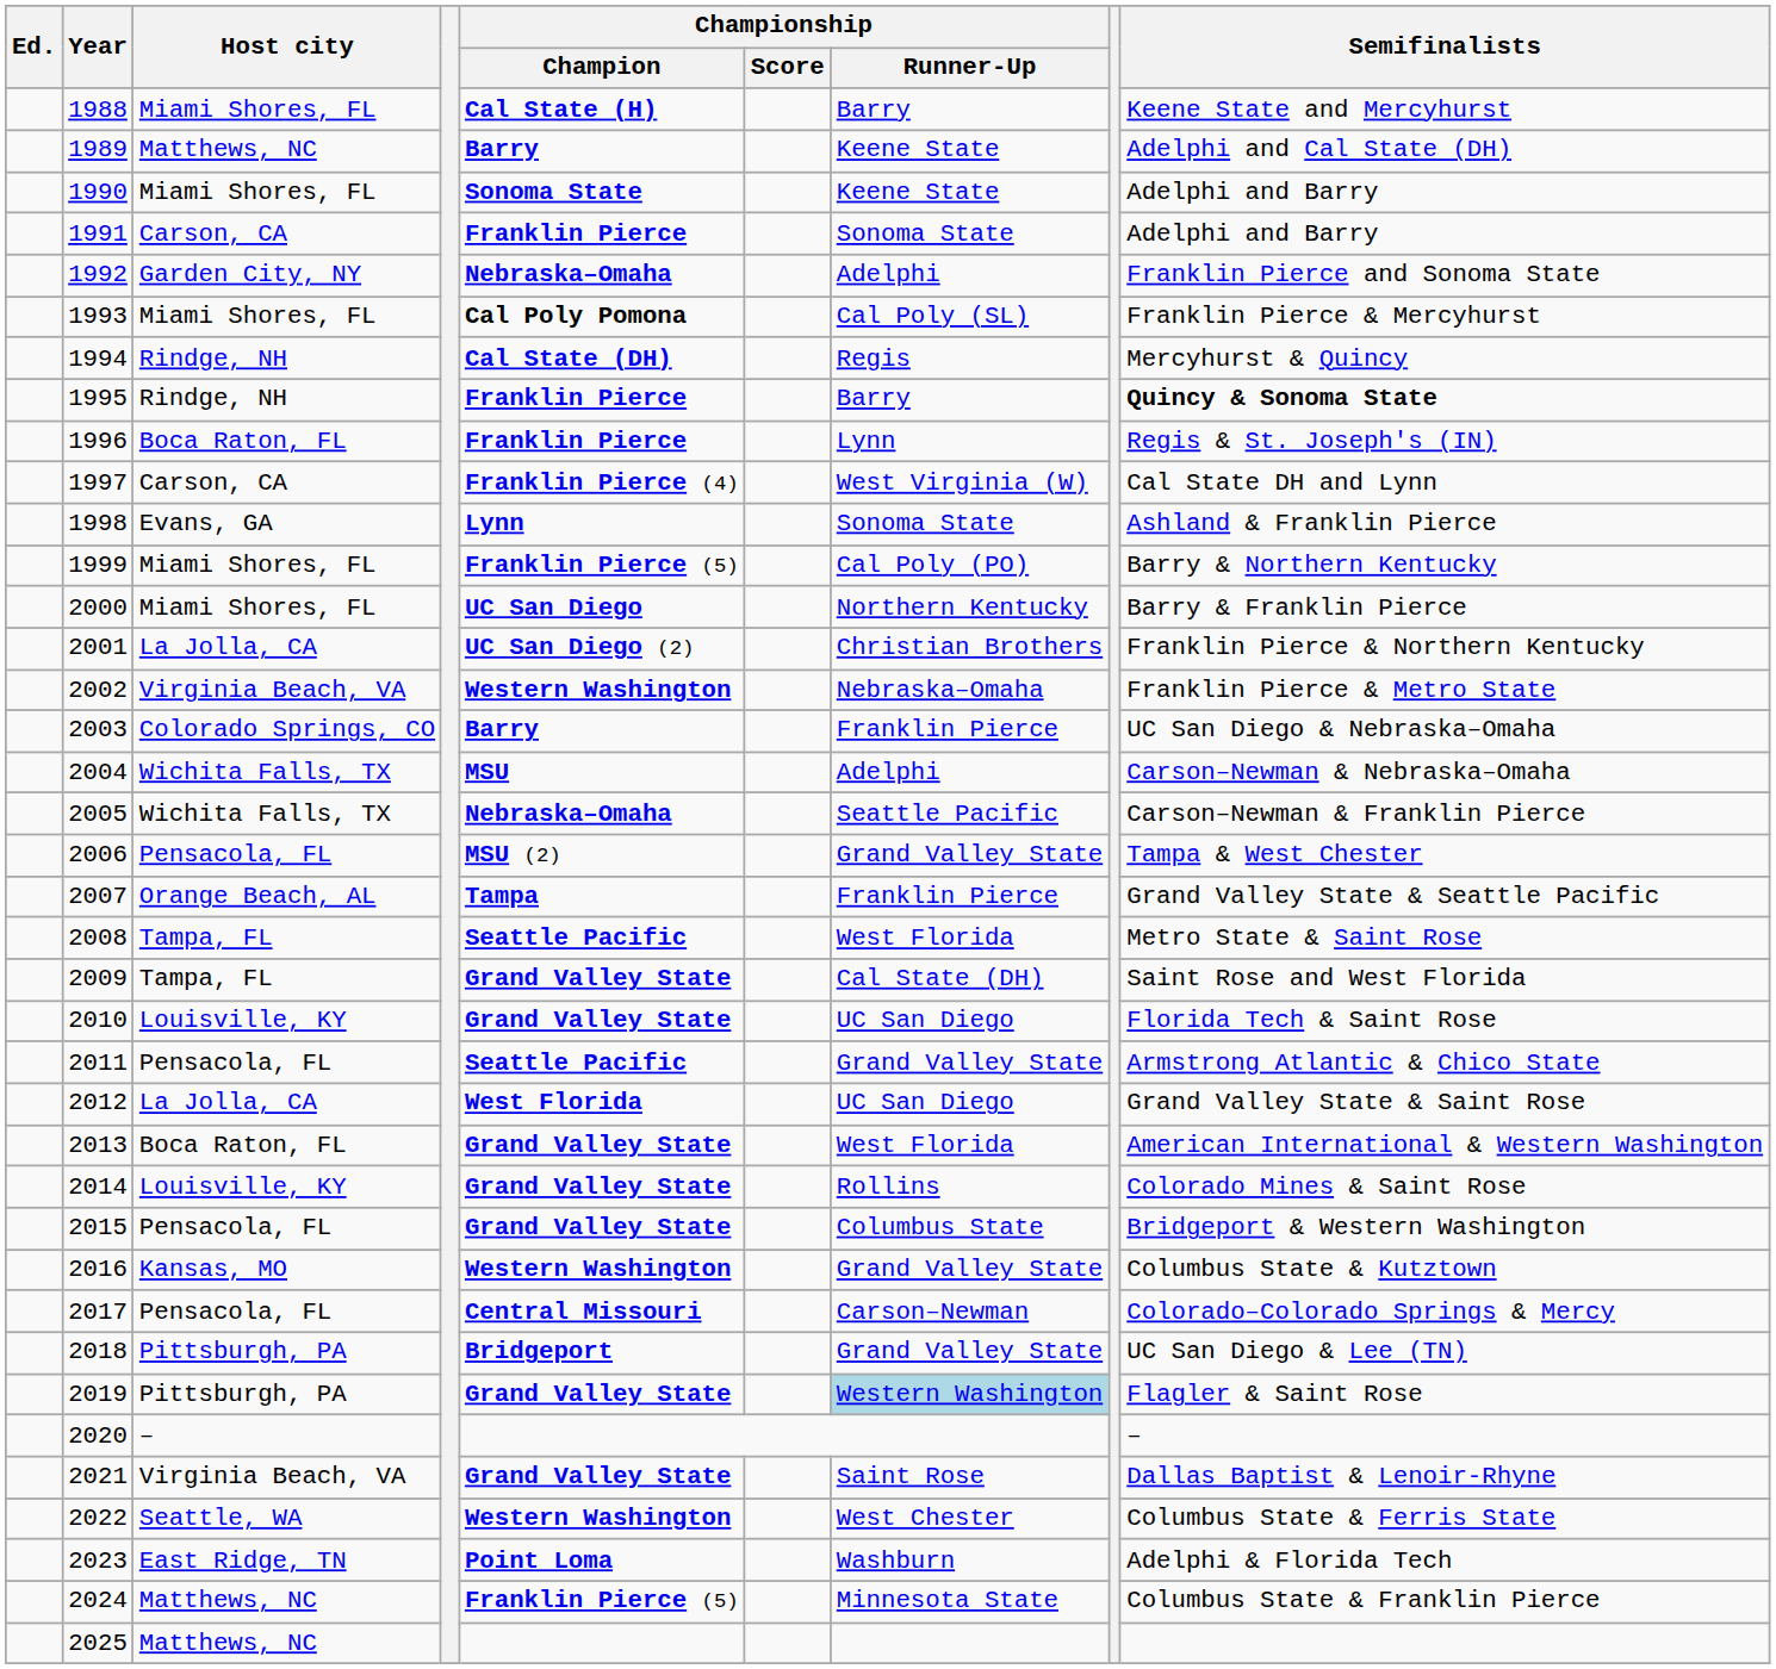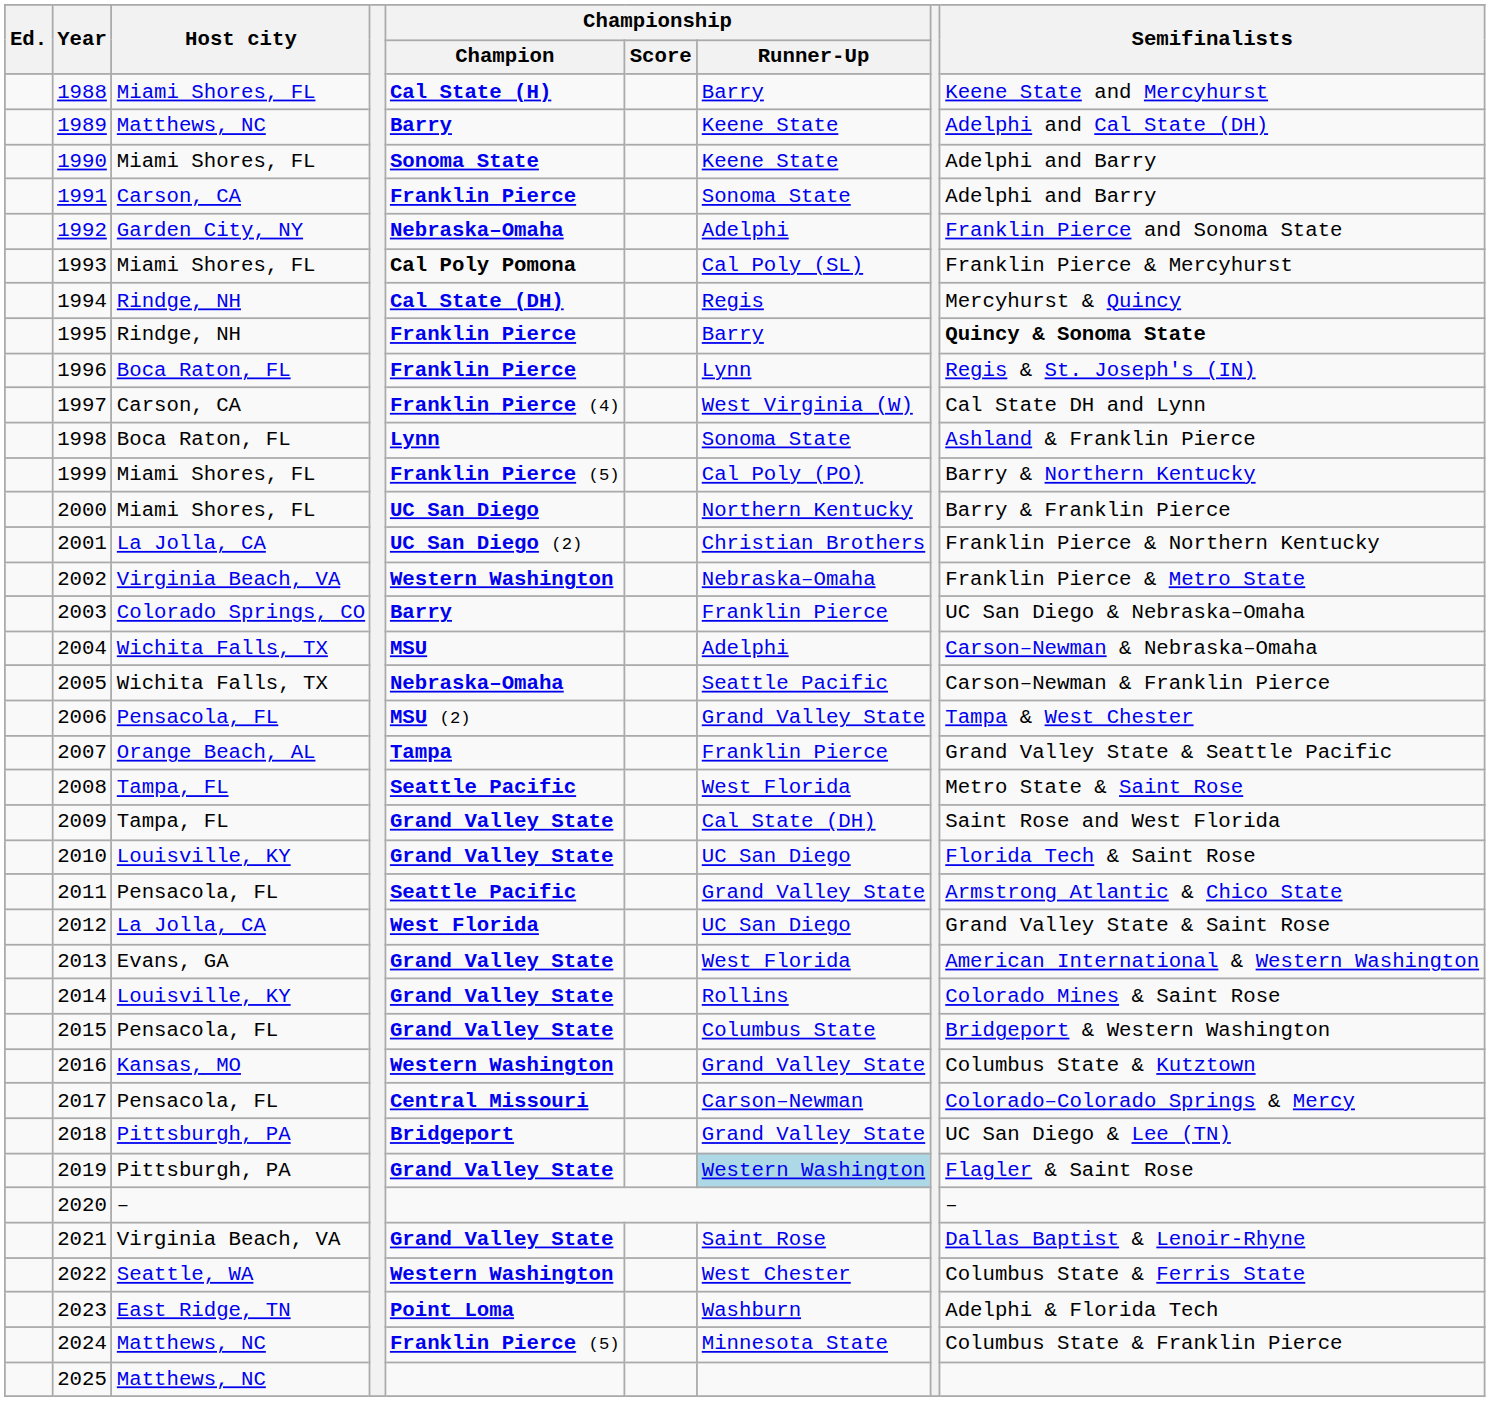 <table class="wikitable" style="text-align:; font-size:90%">
 <tr>
 <th rowspan="2">Ed.</th>
 <th rowspan="2">Year</th>
 <th rowspan="2">Host city</th>
 <th rowspan="58" style= "width:1%"></th>
 <th colspan=3>Championship</th>
 <th rowspan="58"></th>
 <th rowspan="2">Semifinalists</th>
 </tr>
 <tr>
 <th>Champion</th>
 <th>Score</th>
 <th>Runner-Up</th>
 </tr>
 <tr>
 <td></td>
 <td><a href='#'>1988</a></td>
 <td><a href='#'>Miami Shores, FL</a></td>
 <td><strong><a href='#'>Cal State (H)</a></strong> </td>
 <td></td>
 <td><a href='#'>Barry</a></td>
 <td colspan=3><a href='#'>Keene State</a> and <a href='#'>Mercyhurst</a></td>
 </tr>
 <tr>
 <td></td>
 <td><a href='#'>1989</a></td>
 <td><a href='#'>Matthews, NC</a></td>
 <td><strong><a href='#'>Barry</a></strong> </td>
 <td></td>
 <td><a href='#'>Keene State</a></td>
 <td><a href='#'>Adelphi</a> and <a href='#'>Cal State (DH)</a></td>
 </tr>
 <tr>
 <td></td>
 <td><a href='#'>1990</a></td>
 <td>Miami Shores, FL</td>
 <td><strong><a href='#'>Sonoma State</a></strong> </td>
 <td></td>
 <td><a href='#'>Keene State</a></td>
 <td>Adelphi and Barry</td>
 </tr>
 <tr>
 <td></td>
 <td><a href='#'>1991</a></td>
 <td><a href='#'>Carson, CA</a></td>
 <td><strong><a href='#'>Franklin Pierce</a></strong> </td>
 <td></td>
 <td><a href='#'>Sonoma State</a></td>
 <td>Adelphi and Barry</td>
 </tr>
 <tr>
 <td></td>
 <td><a href='#'>1992</a></td>
 <td><a href='#'>Garden City, NY</a></td>
 <td><strong><a href='#'>Nebraska–Omaha</a></strong> </td>
 <td></td>
 <td><a href='#'>Adelphi</a></td>
 <td><a href='#'>Franklin Pierce</a> and Sonoma State</td>
 </tr>
 <tr>
 <td></td>
 <td>1993</td>
 <td>Miami Shores, FL</td>
 <td><strong>Cal Poly Pomona</strong> </td>
 <td></td>
 <td><a href='#'>Cal Poly (SL)</a></td>
 <td>Franklin Pierce & Mercyhurst</td>
 </tr>
 <tr>
 <td></td>
 <td>1994</td>
 <td><a href='#'>Rindge, NH</a></td>
 <td><strong><a href='#'>Cal State (DH)</a></strong> </td>
 <td></td>
 <td><a href='#'>Regis</a></td>
 <td>Mercyhurst & <a href='#'>Quincy</a></td>
 </tr>
 <tr>
 <td></td>
 <td>1995</td>
 <td>Rindge, NH</td>
 <td><strong><a href='#'>Franklin Pierce</a></strong> </td>
 <td></td>
 <td><a href='#'>Barry</a></td>
 <td><strong>Quincy & Sonoma State</strong></td>
 </tr>
 <tr>
 <td></td>
 <td>1996</td>
 <td><a href='#'>Boca Raton, FL</a></td>
 <td><strong><a href='#'>Franklin Pierce</a></strong> </td>
 <td></td>
 <td><a href='#'>Lynn</a></td>
 <td><a href='#'>Regis</a> & <a href='#'>St. Joseph's (IN)</a></td>
 </tr>
 <tr>
 <td></td>
 <td>1997</td>
 <td>Carson, CA</td>
 <td><strong><a href='#'>Franklin Pierce</a></strong> <small>(4)</small></td>
 <td></td>
 <td><a href='#'>West Virginia (W)</a></td>
 <td>Cal State DH and Lynn</td>
 </tr>
 <tr>
 <td></td>
 <td>1998</td>
-<td>Evans, GA</td>
+<td>Boca Raton, FL</td>
 <td><strong><a href='#'>Lynn</a></strong></td>
 <td></td>
 <td><a href='#'>Sonoma State</a></td>
 <td><a href='#'>Ashland</a> & Franklin Pierce</td>
 </tr>
 <tr>
 <td></td>
 <td>1999</td>
 <td>Miami Shores, FL</td>
 <td><strong><a href='#'>Franklin Pierce</a></strong> <small>(5)</small></td>
 <td></td>
 <td><a href='#'>Cal Poly (PO)</a></td>
 <td>Barry & <a href='#'>Northern Kentucky</a></td>
 </tr>
 <tr>
 <td></td>
 <td>2000</td>
 <td>Miami Shores, FL</td>
 <td><strong><a href='#'>UC San Diego</a></strong> </td>
 <td></td>
 <td><a href='#'>Northern Kentucky</a></td>
 <td>Barry & Franklin Pierce</td>
 </tr>
 <tr>
 <td></td>
 <td>2001</td>
 <td><a href='#'>La Jolla, CA</a></td>
 <td><strong><a href='#'>UC San Diego</a></strong> <small>(2)</small></td>
 <td></td>
 <td><a href='#'>Christian Brothers</a></td>
 <td>Franklin Pierce & Northern Kentucky</td>
 </tr>
 <tr>
 <td></td>
 <td>2002</td>
 <td><a href='#'>Virginia Beach, VA</a></td>
 <td><strong><a href='#'>Western Washington</a></strong> </td>
 <td></td>
 <td><a href='#'>Nebraska–Omaha</a></td>
 <td>Franklin Pierce & <a href='#'>Metro State</a></td>
 </tr>
 <tr>
 <td></td>
 <td>2003</td>
 <td><a href='#'>Colorado Springs, CO</a></td>
 <td><strong><a href='#'>Barry</a></strong> </td>
 <td></td>
 <td><a href='#'>Franklin Pierce</a></td>
 <td>UC San Diego & Nebraska–Omaha</td>
 </tr>
 <tr>
 <td></td>
 <td>2004</td>
 <td><a href='#'>Wichita Falls, TX</a></td>
 <td><strong><a href='#'>MSU</a></strong> </td>
 <td></td>
 <td><a href='#'>Adelphi</a></td>
 <td><a href='#'>Carson–Newman</a> & Nebraska–Omaha</td>
 </tr>
 <tr>
 <td></td>
 <td>2005</td>
 <td>Wichita Falls, TX</td>
 <td><strong><a href='#'>Nebraska–Omaha</a></strong> </td>
 <td></td>
 <td><a href='#'>Seattle Pacific</a></td>
 <td>Carson–Newman & Franklin Pierce</td>
 </tr>
 <tr>
 <td></td>
 <td>2006</td>
 <td><a href='#'>Pensacola, FL</a></td>
 <td><strong><a href='#'>MSU</a></strong> <small>(2)</small></td>
 <td></td>
 <td><a href='#'>Grand Valley State</a></td>
 <td><a href='#'>Tampa</a> & <a href='#'>West Chester</a></td>
 </tr>
 <tr>
 <td></td>
 <td>2007</td>
 <td><a href='#'>Orange Beach, AL</a></td>
 <td><strong><a href='#'>Tampa</a></strong></td>
 <td></td>
 <td><a href='#'>Franklin Pierce</a></td>
 <td>Grand Valley State & Seattle Pacific</td>
 </tr>
 <tr>
 <td></td>
 <td>2008</td>
 <td><a href='#'>Tampa, FL</a></td>
 <td><strong><a href='#'>Seattle Pacific</a></strong> </td>
 <td></td>
 <td><a href='#'>West Florida</a></td>
 <td>Metro State & <a href='#'>Saint Rose</a></td>
 </tr>
 <tr>
 <td></td>
 <td>2009</td>
 <td>Tampa, FL</td>
 <td><strong><a href='#'>Grand Valley State</a></strong> </td>
 <td></td>
 <td><a href='#'>Cal State (DH)</a></td>
 <td>Saint Rose and West Florida</td>
 </tr>
 <tr>
 <td></td>
 <td>2010</td>
 <td><a href='#'>Louisville, KY</a></td>
 <td><strong><a href='#'>Grand Valley State</a></strong> </td>
 <td></td>
 <td><a href='#'>UC San Diego</a></td>
 <td><a href='#'>Florida Tech</a> & Saint Rose</td>
 </tr>
 <tr>
 <td></td>
 <td>2011</td>
 <td>Pensacola, FL</td>
 <td><strong><a href='#'>Seattle Pacific</a></strong> </td>
 <td></td>
 <td><a href='#'>Grand Valley State</a></td>
 <td><a href='#'>Armstrong Atlantic</a> & <a href='#'>Chico State</a></td>
 </tr>
 <tr>
 <td></td>
 <td>2012</td>
 <td><a href='#'>La Jolla, CA</a></td>
 <td><strong><a href='#'>West Florida</a></strong> </td>
 <td></td>
 <td><a href='#'>UC San Diego</a></td>
 <td>Grand Valley State & Saint Rose</td>
 </tr>
 <tr>
 <td></td>
 <td>2013</td>
-<td>Boca Raton, FL</td>
+<td>Evans, GA</td>
 <td><strong><a href='#'>Grand Valley State</a></strong> </td>
 <td></td>
 <td><a href='#'>West Florida</a></td>
 <td><a href='#'>American International</a> & <a href='#'>Western Washington</a></td>
 </tr>
 <tr>
 <td></td>
 <td>2014</td>
 <td><a href='#'>Louisville, KY</a></td>
 <td><strong><a href='#'>Grand Valley State</a></strong> </td>
 <td></td>
 <td><a href='#'>Rollins</a></td>
 <td><a href='#'>Colorado Mines</a> & Saint Rose</td>
 </tr>
 <tr>
 <td></td>
 <td>2015</td>
 <td>Pensacola, FL</td>
 <td><strong><a href='#'>Grand Valley State</a></strong> </td>
 <td></td>
 <td><a href='#'>Columbus State</a></td>
 <td><a href='#'>Bridgeport</a> & Western Washington</td>
 </tr>
 <tr>
 <td></td>
 <td>2016</td>
 <td><a href='#'>Kansas, MO</a></td>
 <td><strong><a href='#'>Western Washington</a></strong> </td>
 <td></td>
 <td><a href='#'>Grand Valley State</a></td>
 <td>Columbus State & <a href='#'>Kutztown</a></td>
 </tr>
 <tr>
 <td></td>
 <td>2017</td>
 <td>Pensacola, FL</td>
 <td><strong><a href='#'>Central Missouri</a></strong> </td>
 <td></td>
 <td><a href='#'>Carson–Newman</a></td>
 <td><a href='#'>Colorado–Colorado Springs</a> & <a href='#'>Mercy</a></td>
 </tr>
 <tr>
 <td></td>
 <td>2018</td>
 <td><a href='#'>Pittsburgh, PA</a></td>
 <td><strong><a href='#'>Bridgeport</a></strong> </td>
 <td></td>
 <td><a href='#'>Grand Valley State</a></td>
 <td>UC San Diego & <a href='#'>Lee (TN)</a></td>
 </tr>
 <tr>
 <td></td>
 <td>2019</td>
 <td>Pittsburgh, PA</td>
 <td><strong><a href='#'>Grand Valley State</a></strong> </td>
 <td></td>
 <td style="background: lightblue;"><a href='#'>Western Washington</a></td>
 <td><a href='#'>Flagler</a> & Saint Rose</td>
 </tr>
 <tr>
 <td></td>
 <td>2020</td>
 <td>–</td>
 <td colspan=3></td>
 <td colspan=3>–</td>
 </tr>
 <tr>
 <td></td>
 <td>2021</td>
 <td>Virginia Beach, VA</td>
 <td><strong><a href='#'>Grand Valley State</a></strong> </td>
 <td></td>
 <td><a href='#'>Saint Rose</a></td>
 <td><a href='#'>Dallas Baptist</a> & <a href='#'>Lenoir-Rhyne</a></td>
 </tr>
 <tr>
 <td></td>
 <td>2022</td>
 <td><a href='#'>Seattle, WA</a></td>
 <td><strong><a href='#'>Western Washington</a></strong> </td>
 <td></td>
 <td><a href='#'>West Chester</a></td>
 <td>Columbus State & <a href='#'>Ferris State</a></td>
 </tr>
 <tr>
 <td></td>
 <td>2023</td>
 <td><a href='#'>East Ridge, TN</a></td>
 <td><strong><a href='#'>Point Loma</a></strong> </td>
 <td></td>
 <td><a href='#'>Washburn</a></td>
 <td>Adelphi & Florida Tech</td>
 </tr>
 <tr>
 <td></td>
 <td>2024</td>
 <td><a href='#'>Matthews, NC</a></td>
 <td><strong><a href='#'>Franklin Pierce</a></strong> <small>(5)</small></td>
 <td></td>
 <td><a href='#'>Minnesota State</a></td>
 <td>Columbus State & Franklin Pierce</td>
 </tr>
 <tr>
 <td></td>
 <td>2025</td>
 <td><a href='#'>Matthews, NC</a></td>
 <td></td>
 <td></td>
 <td></td>
 <td></td>
 </tr>
 </table>
